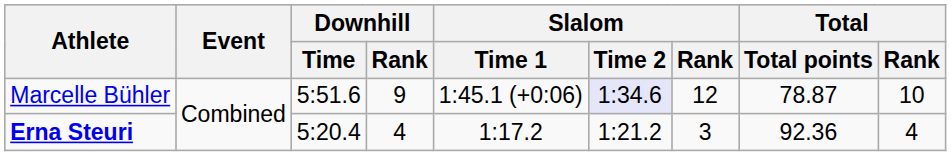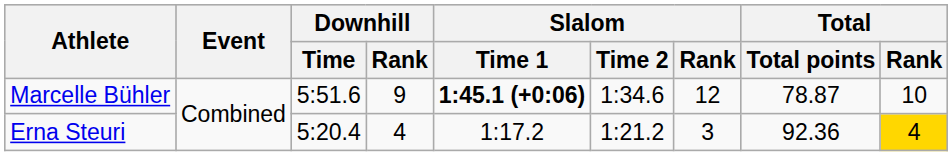 <table class="wikitable" style="font-size:90%">
 <tr>
 <th rowspan="2">Athlete</th>
 <th rowspan="2">Event</th>
 <th colspan="2">Downhill</th>
 <th colspan="3">Slalom</th>
 <th colspan="2">Total</th>
 </tr>
 <tr>
 <th>Time</th>
 <th>Rank</th>
 <th>Time 1</th>
 <th>Time 2</th>
 <th>Rank</th>
 <th>Total points</th>
 <th>Rank</th>
 </tr>
 <tr>
 <td><a href='#'>Marcelle Bühler</a></td>
 <td rowspan="2">Combined</td>
 <td align="center">5:51.6</td>
 <td align="center">9</td>
-<td align="center">1:45.1 (+0:06)</td>
-<td align="center" style="background: lavender;">1:34.6</td>
+<td align="center"><strong>1:45.1 (+0:06)</strong></td>
+<td align="center">1:34.6</td>
 <td align="center">12</td>
 <td align="center">78.87</td>
 <td align="center">10</td>
 </tr>
 <tr>
-<td><strong><a href='#'>Erna Steuri</a></strong></td>
+<td><a href='#'>Erna Steuri</a></td>
 <td align="center">5:20.4</td>
 <td align="center">4</td>
 <td align="center">1:17.2</td>
 <td align="center">1:21.2</td>
 <td align="center">3</td>
 <td align="center">92.36</td>
-<td align="center">4</td>
+<td align="center" style="background: gold;">4</td>
 </tr>
 </table>
